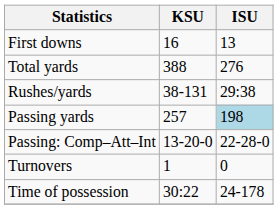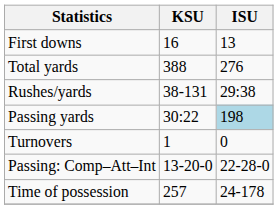 <table class="wikitable" style="float: left;">
 <tr>
 <th>Statistics</th>
 <th>KSU</th>
 <th>ISU</th>
 </tr>
 <tr>
 <td>First downs</td>
 <td>16</td>
 <td>13</td>
 </tr>
 <tr>
 <td>Total yards</td>
 <td>388</td>
 <td>276</td>
 </tr>
 <tr>
 <td>Rushes/yards</td>
 <td>38-131</td>
 <td>29:38</td>
 </tr>
 <tr>
 <td>Passing yards</td>
-<td>257</td>
+<td>30:22</td>
 <td style="background: lightblue;">198</td>
+</tr>
+<tr>
+<td>Turnovers</td>
+<td>1</td>
+<td>0</td>
 </tr>
 <tr>
 <td>Passing: Comp–Att–Int</td>
 <td>13-20-0</td>
 <td>22-28-0</td>
 </tr>
 <tr>
-<td>Turnovers</td>
-<td>1</td>
-<td>0</td>
-</tr>
-<tr>
 <td>Time of possession</td>
-<td>30:22</td>
+<td>257</td>
 <td>24-178</td>
 </tr>
 <tr>
 </tr>
 </table>
